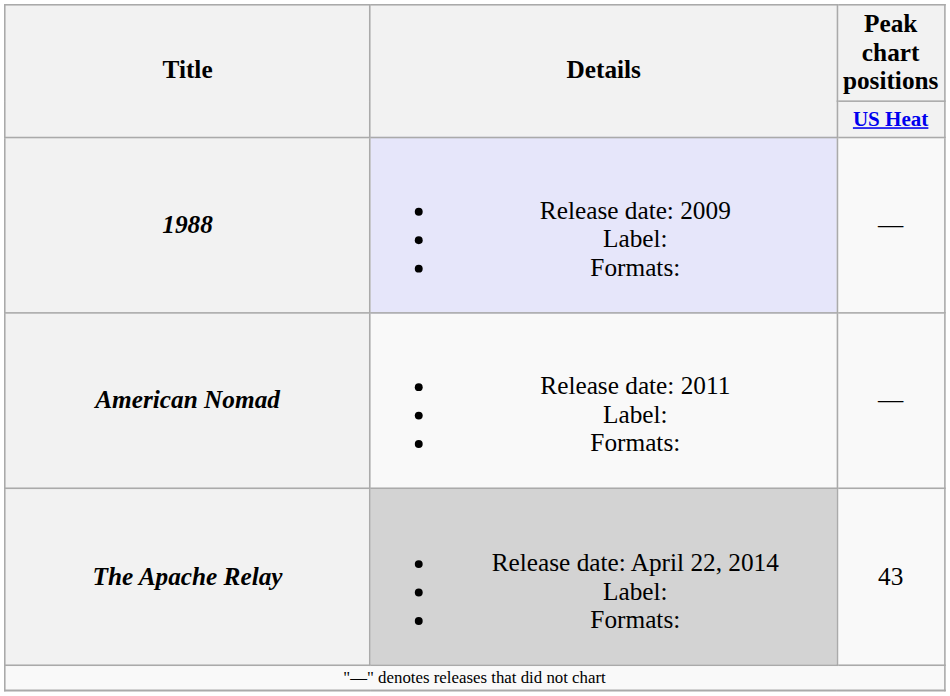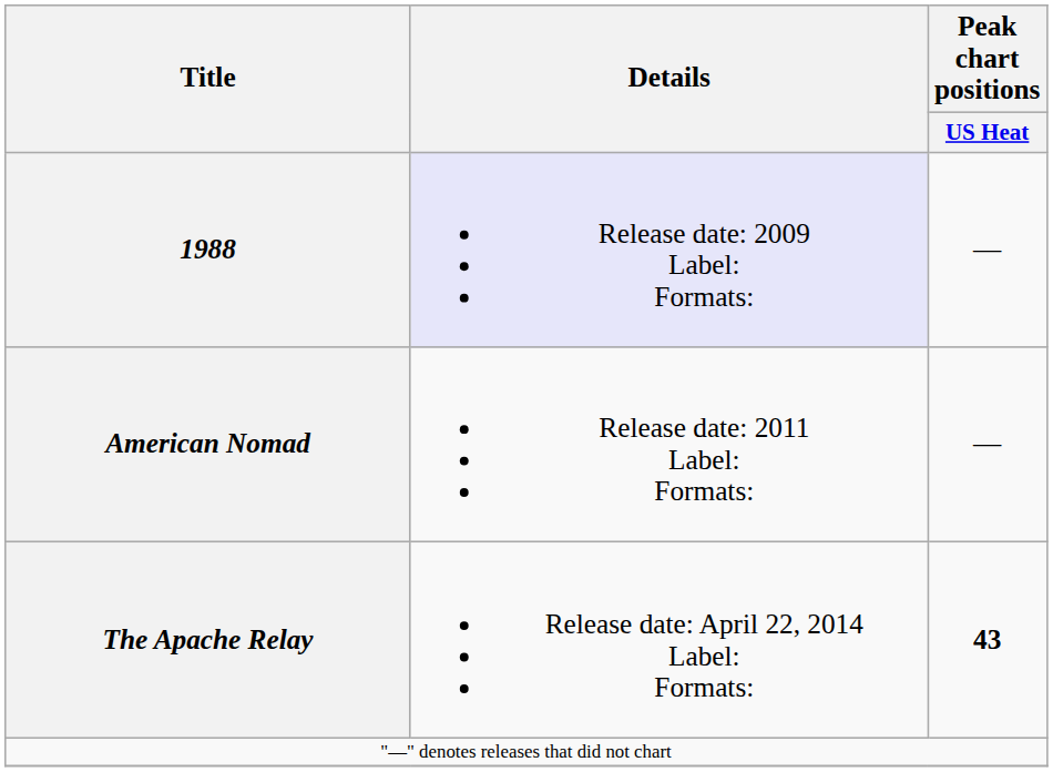 <table class="wikitable plainrowheaders" style="text-align:center;">
 <tr>
 <th rowspan="2" style="width:14em;">Title</th>
 <th rowspan="2" style="width:18em;">Details</th>
 <th colspan="1">Peak chart positions</th>
 </tr>
 <tr style="font-size:smaller;">
 <th width="35"><a href='#'>US Heat</a><br></th>
 </tr>
 <tr>
 <th scope="row"><em>1988</em></th>
 <td style="background: lavender;"><br><ul><li>Release date: 2009</li><li>Label:</li><li>Formats:</li></ul></td>
 <td>—</td>
 </tr>
 <tr>
 <th scope="row"><em>American Nomad</em></th>
 <td><br><ul><li>Release date: 2011</li><li>Label:</li><li>Formats:</li></ul></td>
 <td>—</td>
 </tr>
 <tr>
 <th scope="row"><em>The Apache Relay</em></th>
-<td style="background: lightgrey;"><br><ul><li>Release date: April 22, 2014</li><li>Label:</li><li>Formats:</li></ul></td>
-<td>43</td>
+<td><br><ul><li>Release date: April 22, 2014</li><li>Label:</li><li>Formats:</li></ul></td>
+<td><strong>43</strong></td>
 </tr>
 <tr>
 <td colspan="10" style="font-size:8pt">"—" denotes releases that did not chart</td>
 </tr>
 <tr>
 </tr>
 </table>
